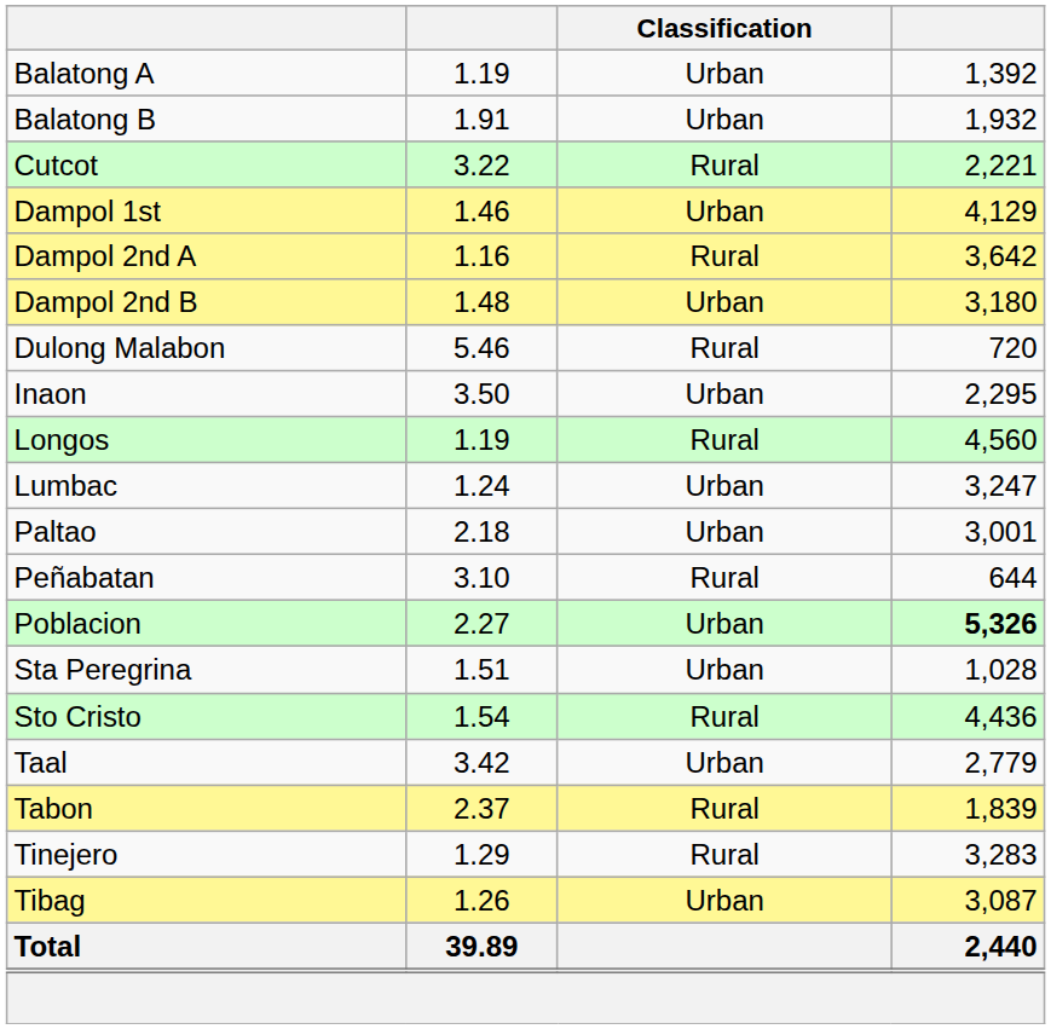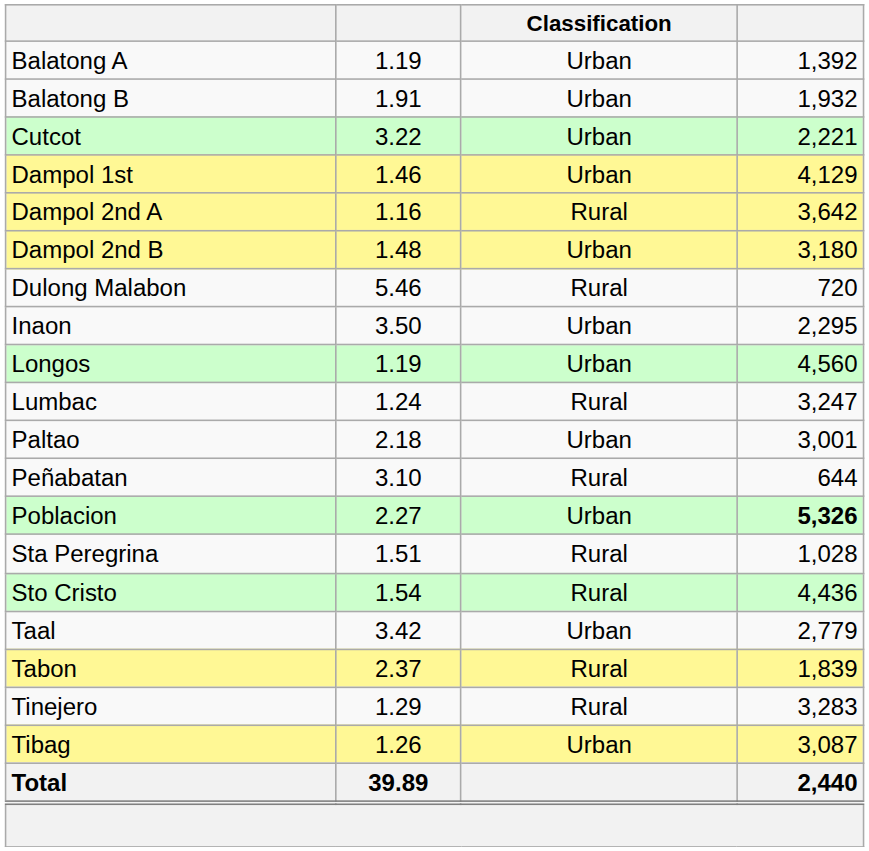 <table width=43%; class="wikitable sortable" style="margin-left: auto; margin-right: auto; border: none; size:90;text-align:left; font-size:95%">
 <tr style="font-size:93%;">
 <th></th>
 <th></th>
 <th>Classification</th>
 <th></th>
 </tr>
 <tr>
 <td>Balatong A</td>
 <td align=center>1.19</td>
 <td align=center>Urban</td>
 <td align=right>1,392</td>
 </tr>
 <tr>
 <td>Balatong B</td>
 <td align=center>1.91</td>
 <td align=center>Urban</td>
 <td align=right>1,932</td>
 </tr>
 <tr style="text-align:left;background-color:#CCFFCC">
 <td>Cutcot</td>
 <td align=center>3.22</td>
-<td align=center>Rural</td>
+<td align=center>Urban</td>
 <td align=right>2,221</td>
 </tr>
 <tr style="text-align:left;background-color:#FFF895">
 <td>Dampol 1st</td>
 <td align=center>1.46</td>
 <td align=center>Urban</td>
 <td align=right>4,129</td>
 </tr>
 <tr style="text-align:left;background-color:#FFF895">
 <td>Dampol 2nd A</td>
 <td align=center>1.16</td>
 <td align=center>Rural</td>
 <td align=right>3,642</td>
 </tr>
 <tr style="text-align:left;background-color:#FFF895">
 <td>Dampol 2nd B</td>
 <td align=center>1.48</td>
 <td align=center>Urban</td>
 <td align=right>3,180</td>
 </tr>
 <tr>
 <td>Dulong Malabon</td>
 <td align=center>5.46</td>
 <td align=center>Rural</td>
 <td align=right>720</td>
 </tr>
 <tr>
 <td>Inaon</td>
 <td align=center>3.50</td>
 <td align=center>Urban</td>
 <td align=right>2,295</td>
 </tr>
 <tr style="text-align:left;background-color:#CCFFCC">
 <td>Longos</td>
 <td align=center>1.19</td>
-<td align=center>Rural</td>
+<td align=center>Urban</td>
 <td align=right>4,560</td>
 </tr>
 <tr>
 <td>Lumbac</td>
 <td align=center>1.24</td>
-<td align=center>Urban</td>
+<td align=center>Rural</td>
 <td align=right>3,247</td>
 </tr>
 <tr>
 <td>Paltao</td>
 <td align=center>2.18</td>
 <td align=center>Urban</td>
 <td align=right>3,001</td>
 </tr>
 <tr>
 <td>Peñabatan</td>
 <td align=center>3.10</td>
 <td align=center>Rural</td>
 <td align=right>644</td>
 </tr>
 <tr style="text-align:left;background-color:#CCFFCC">
 <td>Poblacion</td>
 <td align=center>2.27</td>
 <td align=center>Urban</td>
 <td align=right><strong>5,326</strong></td>
 </tr>
 <tr>
 <td>Sta Peregrina</td>
 <td align=center>1.51</td>
-<td align=center>Urban</td>
+<td align=center>Rural</td>
 <td align=right>1,028</td>
 </tr>
 <tr style="text-align:left;background-color:#CCFFCC">
 <td>Sto Cristo</td>
 <td align=center>1.54</td>
 <td align=center>Rural</td>
 <td align=right>4,436</td>
 </tr>
 <tr>
 <td>Taal</td>
 <td align=center>3.42</td>
 <td align=center>Urban</td>
 <td align=right>2,779</td>
 </tr>
 <tr style="text-align:left;background-color:#FFF895">
 <td>Tabon</td>
 <td align=center>2.37</td>
 <td align=center>Rural</td>
 <td align=right>1,839</td>
 </tr>
 <tr>
 <td>Tinejero</td>
 <td align=center>1.29</td>
 <td align=center>Rural</td>
 <td align=right>3,283</td>
 </tr>
 <tr style="text-align:left;background-color:#FFF895">
 <td>Tibag</td>
 <td align=center>1.26</td>
 <td align=center>Urban</td>
 <td align=right>3,087</td>
 </tr>
 <tr class="sortbottom">
 <th scope="col" style="text-align: left;">Total</th>
 <th scope="col" style="text-align:center;">39.89</th>
 <th scope="col" style="text-align:center;"></th>
 <th scope="col" style="text-align:right;">2,440</th>
 </tr>
 <tr class="sortbottom" style="background-color:#F2F2F2;border-top:double grey;line-height:1.3em;">
 <td colspan="13"><br></td>
 </tr>
 </table>
